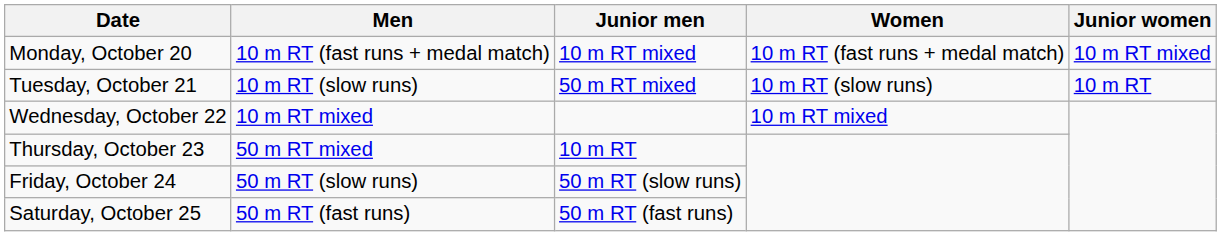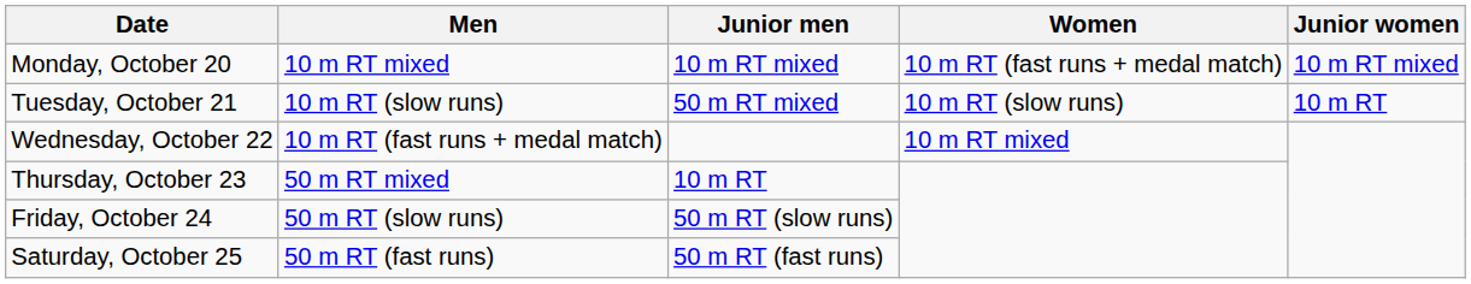 <table class="wikitable" style="text-size: 95%">
 <tr>
 <th>Date</th>
 <th>Men</th>
 <th>Junior men</th>
 <th>Women</th>
 <th>Junior women</th>
 </tr>
 <tr>
 <td>Monday, October 20</td>
-<td><a href='#'>10 m RT</a> (fast runs + medal match)</td>
+<td><a href='#'>10 m RT mixed</a></td>
 <td><a href='#'>10 m RT mixed</a></td>
 <td><a href='#'>10 m RT</a> (fast runs + medal match)</td>
 <td><a href='#'>10 m RT mixed</a></td>
 </tr>
 <tr>
 <td>Tuesday, October 21</td>
 <td><a href='#'>10 m RT</a> (slow runs)</td>
 <td><a href='#'>50 m RT mixed</a></td>
 <td><a href='#'>10 m RT</a> (slow runs)</td>
 <td><a href='#'>10 m RT</a></td>
 </tr>
 <tr>
 <td>Wednesday, October 22</td>
-<td><a href='#'>10 m RT mixed</a></td>
+<td><a href='#'>10 m RT</a> (fast runs + medal match)</td>
 <td></td>
 <td><a href='#'>10 m RT mixed</a></td>
 <td rowspan=4></td>
 </tr>
 <tr>
 <td>Thursday, October 23</td>
 <td><a href='#'>50 m RT mixed</a></td>
 <td><a href='#'>10 m RT</a></td>
 <td rowspan=3></td>
 </tr>
 <tr>
 <td>Friday, October 24</td>
 <td><a href='#'>50 m RT</a> (slow runs)</td>
 <td><a href='#'>50 m RT</a> (slow runs)</td>
 </tr>
 <tr>
 <td>Saturday, October 25</td>
 <td><a href='#'>50 m RT</a> (fast runs)</td>
 <td><a href='#'>50 m RT</a> (fast runs)</td>
 </tr>
 </table>
